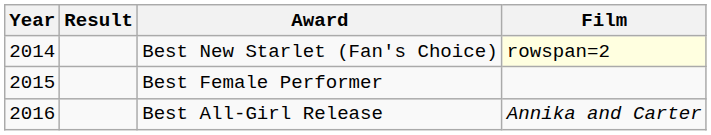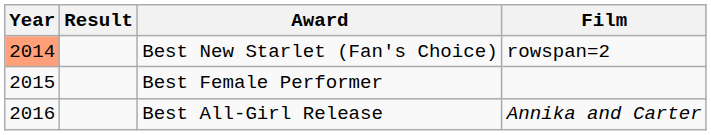 <table class="wikitable">
 <tr>
 <th>Year</th>
 <th>Result</th>
 <th>Award</th>
 <th>Film</th>
 </tr>
 <tr>
-<td>2014</td>
+<td style="background: lightsalmon;">2014</td>
 <td></td>
 <td>Best New Starlet (Fan's Choice)</td>
-<td style="background: lightyellow;">rowspan=2 </td>
+<td>rowspan=2 </td>
 </tr>
 <tr>
 <td>2015</td>
 <td></td>
 <td>Best Female Performer</td>
 </tr>
 <tr>
 <td>2016</td>
 <td></td>
 <td>Best All-Girl Release</td>
 <td><em>Annika and Carter</em></td>
 </tr>
 </table>
